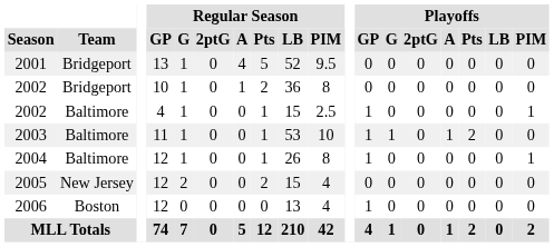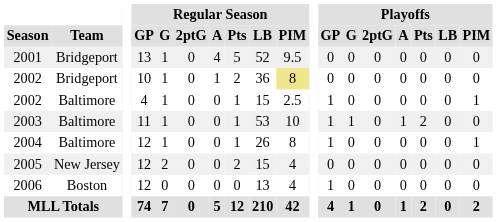 <table BORDER="0" CELLPADDING="3" CELLSPACING="0">
 <tr ALIGN="center" bgcolor="#e0e0e0">
 <th colspan="2" bgcolor="#ffffff"> </th>
 <th rowspan="99" bgcolor="#ffffff"> </th>
 <th colspan="7">Regular Season</th>
 <th rowspan="99" bgcolor="#ffffff"> </th>
 <th colspan="7">Playoffs</th>
 </tr>
 <tr ALIGN="center" bgcolor="#e0e0e0">
 <th>Season</th>
 <th>Team</th>
 <th>GP</th>
 <th>G</th>
 <th>2ptG</th>
 <th>A</th>
 <th>Pts</th>
 <th>LB</th>
 <th>PIM</th>
 <th>GP</th>
 <th>G</th>
 <th>2ptG</th>
 <th>A</th>
 <th>Pts</th>
 <th>LB</th>
 <th>PIM</th>
 </tr>
 <tr ALIGN="center" bgcolor="#f0f0f0">
 <td>2001</td>
 <td>Bridgeport</td>
 <td>13</td>
 <td>1</td>
 <td>0</td>
 <td>4</td>
 <td>5</td>
 <td>52</td>
 <td>9.5</td>
 <td>0</td>
 <td>0</td>
 <td>0</td>
 <td>0</td>
 <td>0</td>
 <td>0</td>
 <td>0</td>
 </tr>
 <tr ALIGN="center">
 <td>2002</td>
 <td>Bridgeport</td>
 <td>10</td>
 <td>1</td>
 <td>0</td>
 <td>1</td>
 <td>2</td>
 <td>36</td>
-<td>8</td>
+<td style="background: khaki;">8</td>
 <td>0</td>
 <td>0</td>
 <td>0</td>
 <td>0</td>
 <td>0</td>
 <td>0</td>
 <td>0</td>
 </tr>
 <tr ALIGN="center">
 <td>2002</td>
 <td>Baltimore</td>
 <td>4</td>
 <td>1</td>
 <td>0</td>
 <td>0</td>
 <td>1</td>
 <td>15</td>
 <td>2.5</td>
 <td>1</td>
 <td>0</td>
 <td>0</td>
 <td>0</td>
 <td>0</td>
 <td>0</td>
 <td>1</td>
 </tr>
 <tr ALIGN="center" bgcolor="#f0f0f0">
 <td>2003</td>
 <td>Baltimore</td>
 <td>11</td>
 <td>1</td>
 <td>0</td>
 <td>0</td>
 <td>1</td>
 <td>53</td>
 <td>10</td>
 <td>1</td>
 <td>1</td>
 <td>0</td>
 <td>1</td>
 <td>2</td>
 <td>0</td>
 <td>0</td>
 </tr>
 <tr ALIGN="center">
 <td>2004</td>
 <td>Baltimore</td>
 <td>12</td>
 <td>1</td>
 <td>0</td>
 <td>0</td>
 <td>1</td>
 <td>26</td>
 <td>8</td>
 <td>1</td>
 <td>0</td>
 <td>0</td>
 <td>0</td>
 <td>0</td>
 <td>0</td>
 <td>1</td>
 </tr>
 <tr ALIGN="center" bgcolor="#f0f0f0">
 <td>2005</td>
 <td>New Jersey</td>
 <td>12</td>
 <td>2</td>
 <td>0</td>
 <td>0</td>
 <td>2</td>
 <td>15</td>
 <td>4</td>
 <td>0</td>
 <td>0</td>
 <td>0</td>
 <td>0</td>
 <td>0</td>
 <td>0</td>
 <td>0</td>
 </tr>
 <tr ALIGN="center">
 <td>2006</td>
 <td>Boston</td>
 <td>12</td>
 <td>0</td>
 <td>0</td>
 <td>0</td>
 <td>0</td>
 <td>13</td>
 <td>4</td>
 <td>1</td>
 <td>0</td>
 <td>0</td>
 <td>0</td>
 <td>0</td>
 <td>0</td>
 <td>0</td>
 </tr>
 <tr ALIGN="center" bgcolor="#e0e0e0">
 <th colspan="2">MLL Totals</th>
 <th>74</th>
 <th>7</th>
 <th>0</th>
 <th>5</th>
 <th>12</th>
 <th>210</th>
 <th>42</th>
 <th>4</th>
 <th>1</th>
 <th>0</th>
 <th>1</th>
 <th>2</th>
 <th>0</th>
 <th>2</th>
 </tr>
 </table>
